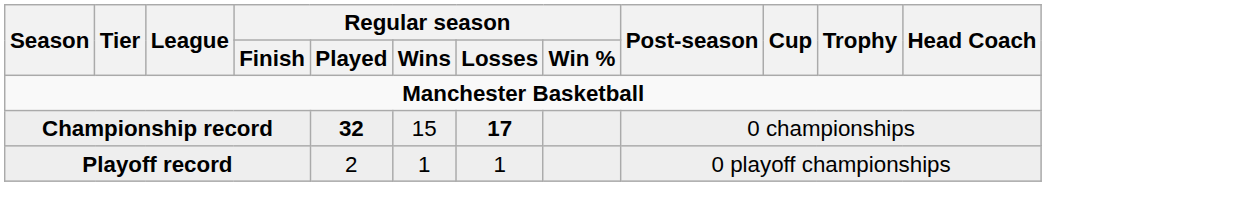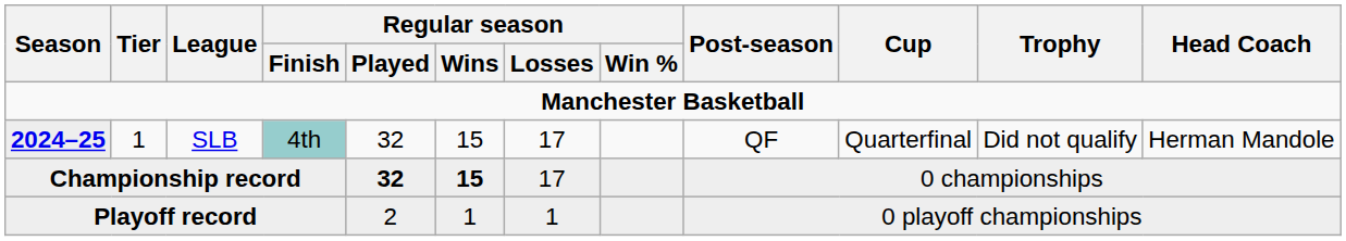 <table class="wikitable" style="font-size:95%; text-align:center">
 <tr>
 <th rowspan=2>Season</th>
 <th rowspan=2>Tier</th>
 <th rowspan=2>League</th>
 <th colspan=5>Regular season</th>
 <th rowspan=2>Post-season</th>
 <th rowspan=2>Cup</th>
 <th rowspan=2>Trophy</th>
 <th rowspan=2>Head Coach</th>
 </tr>
 <tr>
 <th>Finish</th>
 <th>Played</th>
 <th>Wins</th>
 <th>Losses</th>
 <th>Win %</th>
 </tr>
 <tr>
 <td colspan="12" align="center"><strong>Manchester Basketball</strong></td>
 </tr>
 <tr>
+<th style="background:#eee;"><a href='#'>2024–25</a></th>
+<td style="text-align:center;">1</td>
+<td style="text-align:center;"><a href='#'>SLB</a></td>
+<td style="text-align:center;background-color:#96CDCD;">4th</td>
+<td style="text-align:center;">32</td>
+<td style="text-align:center;">15</td>
+<td style="text-align:center;">17</td>
+<td style="text-align:center;"></td>
+<td style="text-align:center;background-color:#;">QF</td>
+<td style="text-align:center;">Quarterfinal</td>
+<td style="text-align:center;">Did not qualify</td>
+<td style="text-align:center;">Herman Mandole</td>
+</tr>
+<tr>
 <th colspan=4 style="background:#eee;">Championship record</th>
 <td style="background:#eee;"><strong>32</strong></td>
-<td style="background:#eee;">15</td>
-<td style="background:#eee;"><strong>17</strong></td>
+<td style="background:#eee;"><strong>15</strong></td>
+<td style="background:#eee;">17</td>
 <td style="background:#eee;"></td>
 <td colspan="4" style="background:#eee;">0 championships</td>
 </tr>
 <tr>
 <th colspan=4 style="background:#eee;">Playoff record</th>
 <td style="background:#eee;">2</td>
 <td style="background:#eee;">1</td>
 <td style="background:#eee;">1</td>
 <td style="background:#eee;"></td>
 <td colspan="4" style="background:#eee;">0 playoff championships</td>
 </tr>
 </table>
